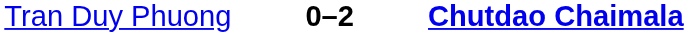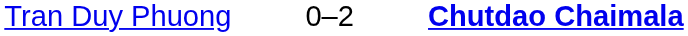 <table>
 <tr>
 <th width=400></th>
 <th width=100></th>
 <th width=400></th>
 </tr>
 <tr>
 <td align=right><a href='#'>Tran Duy Phuong</a> </td>
-<td align=center><strong>0–2</strong></td>
+<td align=center>0–2</td>
 <td><strong> <a href='#'>Chutdao Chaimala</a></strong></td>
 </tr>
 </table>
